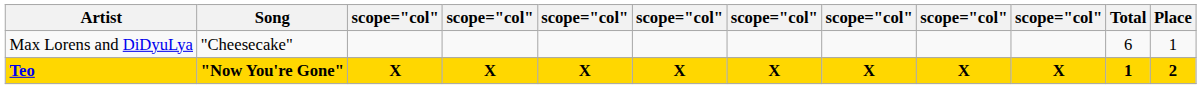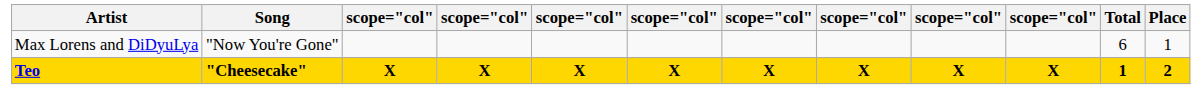 <table class="sortable wikitable" style="margin: 1em auto 1em auto; text-align:center;">
 <tr>
 <th>Artist</th>
 <th>Song</th>
 <th>scope="col" </th>
 <th>scope="col" </th>
 <th>scope="col" </th>
 <th>scope="col" </th>
 <th>scope="col" </th>
 <th>scope="col" </th>
 <th>scope="col" </th>
 <th>scope="col" </th>
 <th>Total</th>
 <th>Place</th>
 </tr>
 <tr>
 <td align="left">Max Lorens and <a href='#'>DiDyuLya</a></td>
-<td align="left">"Cheesecake"</td>
+<td align="left">"Now You're Gone"</td>
 <td></td>
 <td></td>
 <td></td>
 <td></td>
 <td></td>
 <td></td>
 <td></td>
 <td></td>
 <td>6</td>
 <td>1</td>
 </tr>
 <tr style="font-weight:bold; background:gold;">
 <td align="left"><a href='#'>Teo</a></td>
-<td align="left">"Now You're Gone"</td>
+<td align="left">"Cheesecake"</td>
 <td>X</td>
 <td>X</td>
 <td>X</td>
 <td>X</td>
 <td>X</td>
 <td>X</td>
 <td>X</td>
 <td>X</td>
 <td>1</td>
 <td>2</td>
 </tr>
 </table>
